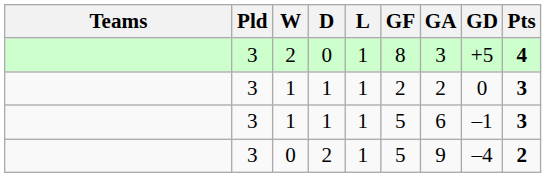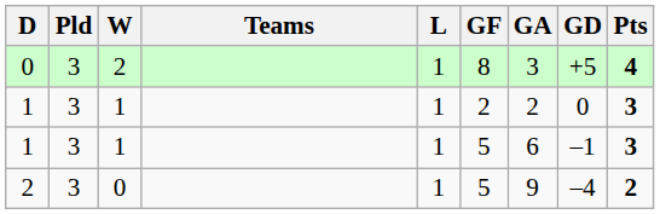 <table class="wikitable" style="text-align: center;">
 <tr>
-<th width=165>Teams</th>
+<th width=20>D</th>
 <th width=20>Pld</th>
 <th width=20>W</th>
-<th width=20>D</th>
+<th width=165>Teams</th>
 <th width=20>L</th>
 <th width=20>GF</th>
 <th width=20>GA</th>
 <th width=20>GD</th>
 <th width=20>Pts</th>
 </tr>
 <tr align=center style="background:#ccffcc;">
-<td style="text-align:left;"></td>
+<td>0</td>
 <td>3</td>
 <td>2</td>
-<td>0</td>
+<td style="text-align:left;"></td>
 <td>1</td>
 <td>8</td>
 <td>3</td>
 <td>+5</td>
 <td><strong>4</strong></td>
 </tr>
 <tr align=center>
-<td style="text-align:left;"></td>
+<td>1</td>
 <td>3</td>
 <td>1</td>
-<td>1</td>
+<td style="text-align:left;"></td>
 <td>1</td>
 <td>2</td>
 <td>2</td>
 <td>0</td>
 <td><strong>3</strong></td>
 </tr>
 <tr align=center>
-<td style="text-align:left;"></td>
+<td>1</td>
 <td>3</td>
 <td>1</td>
-<td>1</td>
+<td style="text-align:left;"></td>
 <td>1</td>
 <td>5</td>
 <td>6</td>
 <td>–1</td>
 <td><strong>3</strong></td>
 </tr>
 <tr align=center>
-<td style="text-align:left;"></td>
+<td>2</td>
 <td>3</td>
 <td>0</td>
-<td>2</td>
+<td style="text-align:left;"></td>
 <td>1</td>
 <td>5</td>
 <td>9</td>
 <td>–4</td>
 <td><strong>2</strong></td>
 </tr>
 </table>
